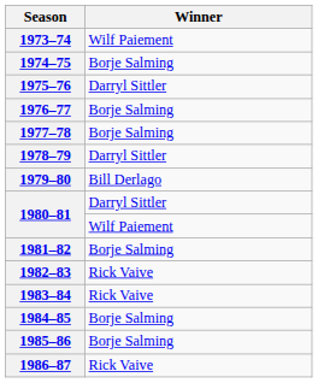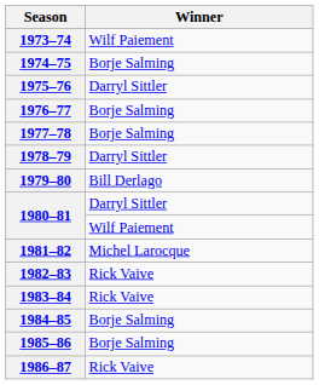 <table class="wikitable">
 <tr>
 <th scope="col" style="width:5em">Season</th>
 <th scope="col" style="width:15em">Winner</th>
 </tr>
 <tr>
 <th scope="row"><a href='#'>1973–74</a></th>
 <td><a href='#'>Wilf Paiement</a></td>
 </tr>
 <tr>
 <th scope="row"><a href='#'>1974–75</a></th>
 <td><a href='#'>Borje Salming</a></td>
 </tr>
 <tr>
 <th scope="row"><a href='#'>1975–76</a></th>
 <td><a href='#'>Darryl Sittler</a></td>
 </tr>
 <tr>
 <th scope="row"><a href='#'>1976–77</a></th>
 <td><a href='#'>Borje Salming</a></td>
 </tr>
 <tr>
 <th scope="row"><a href='#'>1977–78</a></th>
 <td><a href='#'>Borje Salming</a></td>
 </tr>
 <tr>
 <th scope="row"><a href='#'>1978–79</a></th>
 <td><a href='#'>Darryl Sittler</a></td>
 </tr>
 <tr>
 <th scope="row"><a href='#'>1979–80</a></th>
 <td><a href='#'>Bill Derlago</a></td>
 </tr>
 <tr>
 <th scope="row" rowspan="2"><a href='#'>1980–81</a></th>
 <td><a href='#'>Darryl Sittler</a></td>
 </tr>
 <tr>
 <td><a href='#'>Wilf Paiement</a></td>
 </tr>
 <tr>
 <th scope="row"><a href='#'>1981–82</a></th>
-<td><a href='#'>Borje Salming</a></td>
+<td><a href='#'>Michel Larocque</a></td>
 </tr>
 <tr>
 <th scope="row"><a href='#'>1982–83</a></th>
 <td><a href='#'>Rick Vaive</a></td>
 </tr>
 <tr>
 <th scope="row"><a href='#'>1983–84</a></th>
 <td><a href='#'>Rick Vaive</a></td>
 </tr>
 <tr>
 <th scope="row"><a href='#'>1984–85</a></th>
 <td><a href='#'>Borje Salming</a></td>
 </tr>
 <tr>
 <th scope="row"><a href='#'>1985–86</a></th>
 <td><a href='#'>Borje Salming</a></td>
 </tr>
 <tr>
 <th scope="row"><a href='#'>1986–87</a></th>
 <td><a href='#'>Rick Vaive</a></td>
 </tr>
 </table>
